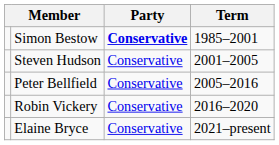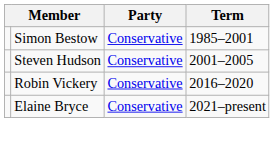 <table class="wikitable">
 <tr>
 <th colspan="2">Member</th>
 <th>Party</th>
 <th>Term</th>
 </tr>
 <tr>
 <td style="background-color: "></td>
 <td>Simon Bestow</td>
-<td><strong><a href='#'>Conservative</a></strong></td>
+<td><a href='#'>Conservative</a></td>
 <td>1985–2001</td>
 </tr>
 <tr>
 <td style="background-color: "></td>
 <td>Steven Hudson</td>
 <td><a href='#'>Conservative</a></td>
 <td>2001–2005</td>
-</tr>
-<tr>
-<td style="background-color: "></td>
-<td>Peter Bellfield</td>
-<td><a href='#'>Conservative</a></td>
-<td>2005–2016</td>
 </tr>
 <tr>
 <td style="background-color: "></td>
 <td>Robin Vickery</td>
 <td><a href='#'>Conservative</a></td>
 <td>2016–2020</td>
 </tr>
 <tr>
 <td style="background-color: "></td>
 <td>Elaine Bryce</td>
 <td><a href='#'>Conservative</a></td>
 <td>2021–present</td>
 </tr>
 </table>
